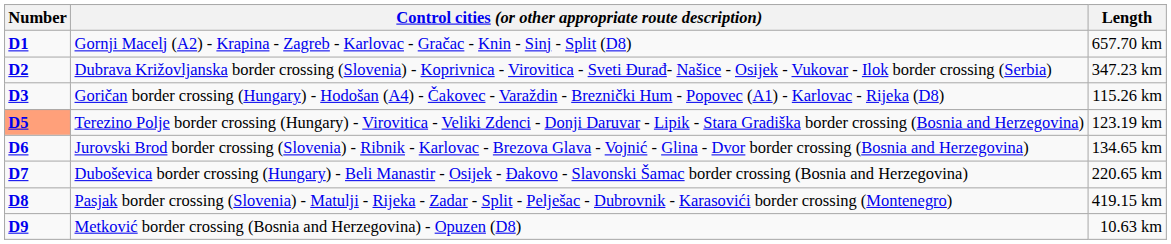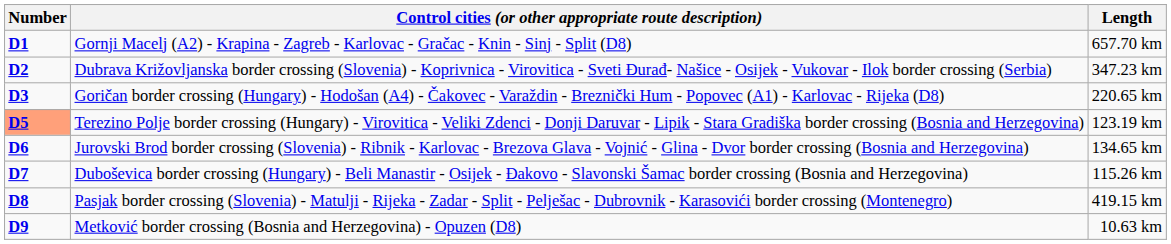 <table class="wikitable">
 <tr>
 <th>Number</th>
 <th><a href='#'>Control cities</a> <em>(or other appropriate route description)</em></th>
 <th>Length</th>
 </tr>
 <tr>
 <td style="white-space: nowrap"> <strong><a href='#'>D1</a></strong></td>
 <td><a href='#'>Gornji Macelj</a> (<a href='#'>A2</a>) - <a href='#'>Krapina</a> - <a href='#'>Zagreb</a> - <a href='#'>Karlovac</a> - <a href='#'>Gračac</a> - <a href='#'>Knin</a> - <a href='#'>Sinj</a> - <a href='#'>Split</a> (<a href='#'>D8</a>)</td>
 <td align="right">657.70 km</td>
 </tr>
 <tr>
 <td> <strong><a href='#'>D2</a></strong></td>
 <td><a href='#'>Dubrava Križovljanska</a> border crossing (<a href='#'>Slovenia</a>) - <a href='#'>Koprivnica</a> - <a href='#'>Virovitica</a> - <a href='#'>Sveti Đurađ</a>- <a href='#'>Našice</a> - <a href='#'>Osijek</a> - <a href='#'>Vukovar</a> - <a href='#'>Ilok</a> border crossing (<a href='#'>Serbia</a>)</td>
 <td align="right">347.23 km</td>
 </tr>
 <tr>
 <td> <strong><a href='#'>D3</a></strong></td>
 <td><a href='#'>Goričan</a> border crossing (<a href='#'>Hungary</a>) - <a href='#'>Hodošan</a> (<a href='#'>A4</a>) - <a href='#'>Čakovec</a> - <a href='#'>Varaždin</a> - <a href='#'>Breznički Hum</a> - <a href='#'>Popovec</a> (<a href='#'>A1</a>) - <a href='#'>Karlovac</a> - <a href='#'>Rijeka</a> (<a href='#'>D8</a>)</td>
-<td align="right">115.26 km</td>
+<td align="right">220.65 km</td>
 </tr>
 <tr>
 <td style="background: lightsalmon;"> <strong><a href='#'>D5</a></strong></td>
 <td><a href='#'>Terezino Polje</a> border crossing (Hungary) - <a href='#'>Virovitica</a> - <a href='#'>Veliki Zdenci</a> - <a href='#'>Donji Daruvar</a> - <a href='#'>Lipik</a> - <a href='#'>Stara Gradiška</a> border crossing (<a href='#'>Bosnia and Herzegovina</a>)</td>
 <td align="right">123.19 km</td>
 </tr>
 <tr>
 <td> <strong><a href='#'>D6</a></strong></td>
 <td><a href='#'>Jurovski Brod</a> border crossing (<a href='#'>Slovenia</a>) - <a href='#'>Ribnik</a> - <a href='#'>Karlovac</a> - <a href='#'>Brezova Glava</a> - <a href='#'>Vojnić</a> - <a href='#'>Glina</a> - <a href='#'>Dvor</a> border crossing (<a href='#'>Bosnia and Herzegovina</a>)</td>
 <td align="right">134.65 km</td>
 </tr>
 <tr>
 <td> <strong><a href='#'>D7</a></strong></td>
 <td><a href='#'>Duboševica</a> border crossing (<a href='#'>Hungary</a>) - <a href='#'>Beli Manastir</a> - <a href='#'>Osijek</a> - <a href='#'>Đakovo</a> - <a href='#'>Slavonski Šamac</a> border crossing (Bosnia and Herzegovina)</td>
-<td align="right">220.65 km</td>
+<td align="right">115.26 km</td>
 </tr>
 <tr>
 <td> <strong><a href='#'>D8</a></strong></td>
 <td><a href='#'>Pasjak</a> border crossing (<a href='#'>Slovenia</a>) - <a href='#'>Matulji</a> - <a href='#'>Rijeka</a> - <a href='#'>Zadar</a> - <a href='#'>Split</a> - <a href='#'>Pelješac</a> - <a href='#'>Dubrovnik</a> - <a href='#'>Karasovići</a> border crossing (<a href='#'>Montenegro</a>)</td>
 <td align="right">419.15 km</td>
 </tr>
 <tr>
 <td> <strong><a href='#'>D9</a></strong></td>
 <td><a href='#'>Metković</a> border crossing (Bosnia and Herzegovina) - <a href='#'>Opuzen</a> (<a href='#'>D8</a>)</td>
 <td align="right">10.63 km</td>
 </tr>
 </table>
